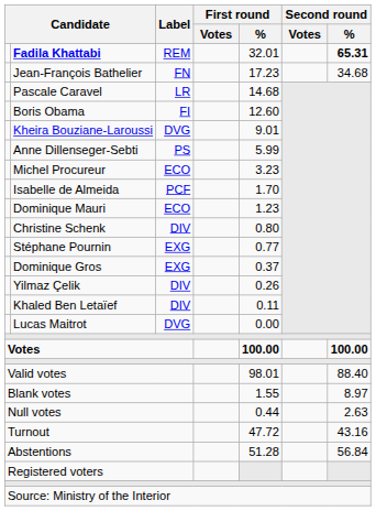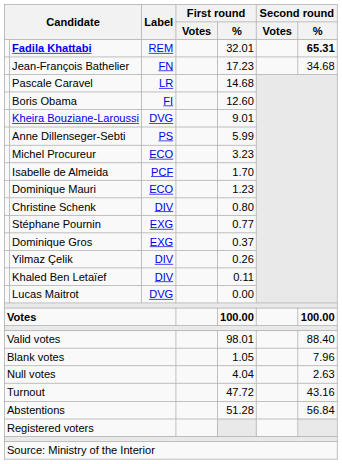 <table class="wikitable" style="text-align:right;font-size:95%;">
 <tr>
 <th rowspan="2" colspan="2">Candidate</th>
 <th rowspan="2">Label</th>
 <th colspan="2">First round</th>
 <th colspan="2">Second round</th>
 </tr>
 <tr>
 <th style="width:50px;">Votes</th>
 <th style="width:45px;">%</th>
 <th style="width:50px;">Votes</th>
 <th style="width:45px;">%</th>
 </tr>
 <tr>
 <td style="color:inherit;background:"></td>
 <td style="text-align:left;"><strong><a href='#'>Fadila Khattabi</a></strong></td>
 <td><a href='#'>REM</a></td>
 <td></td>
 <td>32.01</td>
 <td><strong></strong></td>
 <td><strong>65.31</strong></td>
 </tr>
 <tr>
 <td style="color:inherit;background:"></td>
 <td style="text-align:left;">Jean-François Bathelier</td>
 <td><a href='#'>FN</a></td>
 <td></td>
 <td>17.23</td>
 <td></td>
 <td>34.68</td>
 </tr>
 <tr>
 <td style="color:inherit;background:"></td>
 <td style="text-align:left;">Pascale Caravel</td>
 <td><a href='#'>LR</a></td>
 <td></td>
 <td>14.68</td>
 <td colspan="2" rowspan="13" style="background:#E9E9E9;"></td>
 </tr>
 <tr>
 <td style="color:inherit;background:"></td>
 <td style="text-align:left;">Boris Obama</td>
 <td><a href='#'>FI</a></td>
 <td></td>
 <td>12.60</td>
 </tr>
 <tr>
 <td style="color:inherit;background:"></td>
 <td style="text-align:left;"><a href='#'>Kheira Bouziane-Laroussi</a></td>
 <td><a href='#'>DVG</a></td>
 <td></td>
 <td>9.01</td>
 </tr>
 <tr>
 <td style="color:inherit;background:"></td>
 <td style="text-align:left;">Anne Dillenseger-Sebti</td>
 <td><a href='#'>PS</a></td>
 <td></td>
 <td>5.99</td>
 </tr>
 <tr>
 <td style="color:inherit;background:"></td>
 <td style="text-align:left;">Michel Procureur</td>
 <td><a href='#'>ECO</a></td>
 <td></td>
 <td>3.23</td>
 </tr>
 <tr>
 <td style="color:inherit;background:"></td>
 <td style="text-align:left;">Isabelle de Almeida</td>
 <td><a href='#'>PCF</a></td>
 <td></td>
 <td>1.70</td>
 </tr>
 <tr>
 <td style="color:inherit;background:"></td>
 <td style="text-align:left;">Dominique Mauri</td>
 <td><a href='#'>ECO</a></td>
 <td></td>
 <td>1.23</td>
 </tr>
 <tr>
 <td style="color:inherit;background:"></td>
 <td style="text-align:left;">Christine Schenk</td>
 <td><a href='#'>DIV</a></td>
 <td></td>
 <td>0.80</td>
 </tr>
 <tr>
 <td style="color:inherit;background:"></td>
 <td style="text-align:left;">Stéphane Pournin</td>
 <td><a href='#'>EXG</a></td>
 <td></td>
 <td>0.77</td>
 </tr>
 <tr>
 <td style="color:inherit;background:"></td>
 <td style="text-align:left;">Dominique Gros</td>
 <td><a href='#'>EXG</a></td>
 <td></td>
 <td>0.37</td>
 </tr>
 <tr>
 <td style="color:inherit;background:"></td>
 <td style="text-align:left;">Yilmaz Çelik</td>
 <td><a href='#'>DIV</a></td>
 <td></td>
 <td>0.26</td>
 </tr>
 <tr>
 <td style="color:inherit;background:"></td>
 <td style="text-align:left;">Khaled Ben Letaïef</td>
 <td><a href='#'>DIV</a></td>
 <td></td>
 <td>0.11</td>
 </tr>
 <tr>
 <td style="color:inherit;background:"></td>
 <td style="text-align:left;">Lucas Maitrot</td>
 <td><a href='#'>DVG</a></td>
 <td></td>
 <td>0.00</td>
 </tr>
 <tr>
 <td colspan="7" style="background:#E9E9E9;"></td>
 </tr>
 <tr style="font-weight:bold;">
 <td colspan="3" style="text-align:left;">Votes</td>
 <td></td>
 <td>100.00</td>
 <td></td>
 <td>100.00</td>
 </tr>
 <tr>
 <td colspan="7" style="background:#E9E9E9;"></td>
 </tr>
 <tr>
 <td colspan="3" style="text-align:left;">Valid votes</td>
 <td></td>
 <td>98.01</td>
 <td></td>
 <td>88.40</td>
 </tr>
 <tr>
 <td colspan="3" style="text-align:left;">Blank votes</td>
 <td></td>
-<td>1.55</td>
+<td>1.05</td>
 <td></td>
-<td>8.97</td>
+<td>7.96</td>
 </tr>
 <tr>
 <td colspan="3" style="text-align:left;">Null votes</td>
 <td></td>
-<td>0.44</td>
+<td>4.04</td>
 <td></td>
 <td>2.63</td>
 </tr>
 <tr>
 <td colspan="3" style="text-align:left;">Turnout</td>
 <td></td>
 <td>47.72</td>
 <td></td>
 <td>43.16</td>
 </tr>
 <tr>
 <td colspan="3" style="text-align:left;">Abstentions</td>
 <td></td>
 <td>51.28</td>
 <td></td>
 <td>56.84</td>
 </tr>
 <tr>
 <td colspan="3" style="text-align:left;">Registered voters</td>
 <td></td>
 <td style="color:inherit;background:#E9E9E9;"></td>
 <td></td>
 <td style="color:inherit;background:#E9E9E9;"></td>
 </tr>
 <tr>
 <td colspan="7" style="background:#E9E9E9;"></td>
 </tr>
 <tr>
 <td colspan="7" style="text-align:left;">Source: Ministry of the Interior</td>
 </tr>
 </table>
